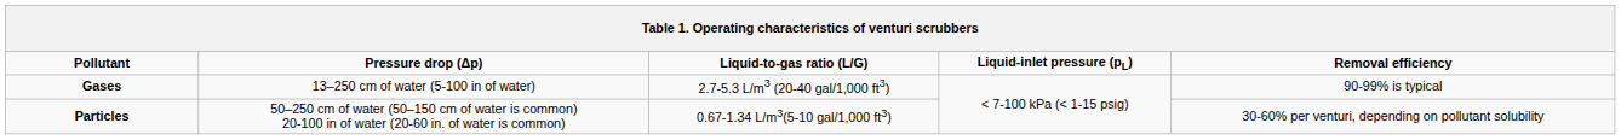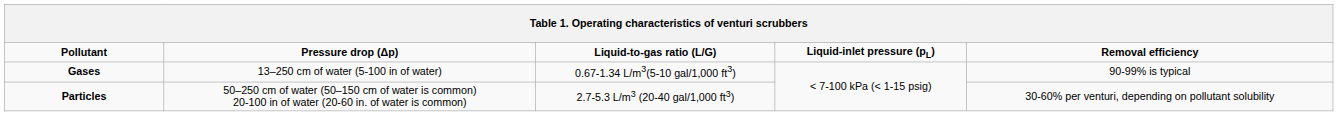 <table class="wikitable" style="width:100%; align:center; cellpadding:4">
 <tr>
 <th colspan="6" style="height:50px; align:center">Table 1. Operating characteristics of venturi scrubbers</th>
 </tr>
 <tr>
 <td align="center" width="12%"><strong>Pollutant</strong></td>
 <td align="center"><strong>Pressure drop (Δp)</strong></td>
 <td align="center"><strong>Liquid-to-gas ratio (L/G)</strong></td>
 <td align="center"><strong>Liquid-inlet pressure (p<sub>L</sub>)</strong></td>
 <td align="center"><strong>Removal efficiency</strong></td>
 </tr>
 <tr>
 <td align="center" width="12%"><strong>Gases</strong></td>
 <td align="center">13–250 cm of water (5-100 in of water)</td>
-<td align="center">2.7-5.3 L/m<sup>3</sup> (20-40 gal/1,000 ft<sup>3</sup>)</td>
+<td align="center">0.67-1.34 L/m<sup>3</sup>(5-10 gal/1,000 ft<sup>3</sup>)</td>
 <td align="center" rowspan="2">< 7-100 kPa (< 1-15 psig)</td>
 <td align="center">90-99% is typical</td>
 </tr>
 <tr>
 <td align="center" width="12%"><strong>Particles</strong></td>
 <td align="center">50–250 cm of water (50–150 cm of water is common)<br>20-100 in of water (20-60 in. of water is common)</td>
-<td align="center">0.67-1.34 L/m<sup>3</sup>(5-10 gal/1,000 ft<sup>3</sup>)</td>
+<td align="center">2.7-5.3 L/m<sup>3</sup> (20-40 gal/1,000 ft<sup>3</sup>)</td>
 <td align="center">30-60% per venturi, depending on pollutant solubility</td>
 </tr>
 </table>
